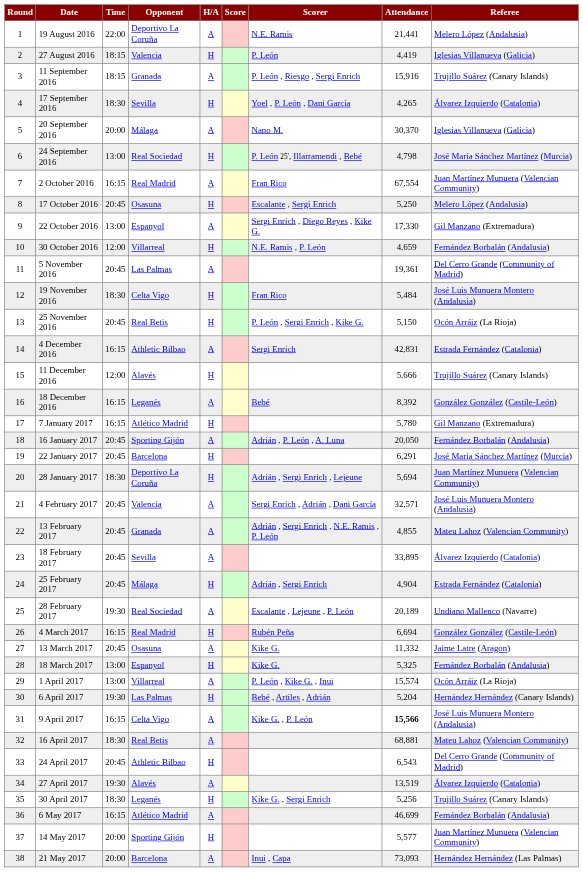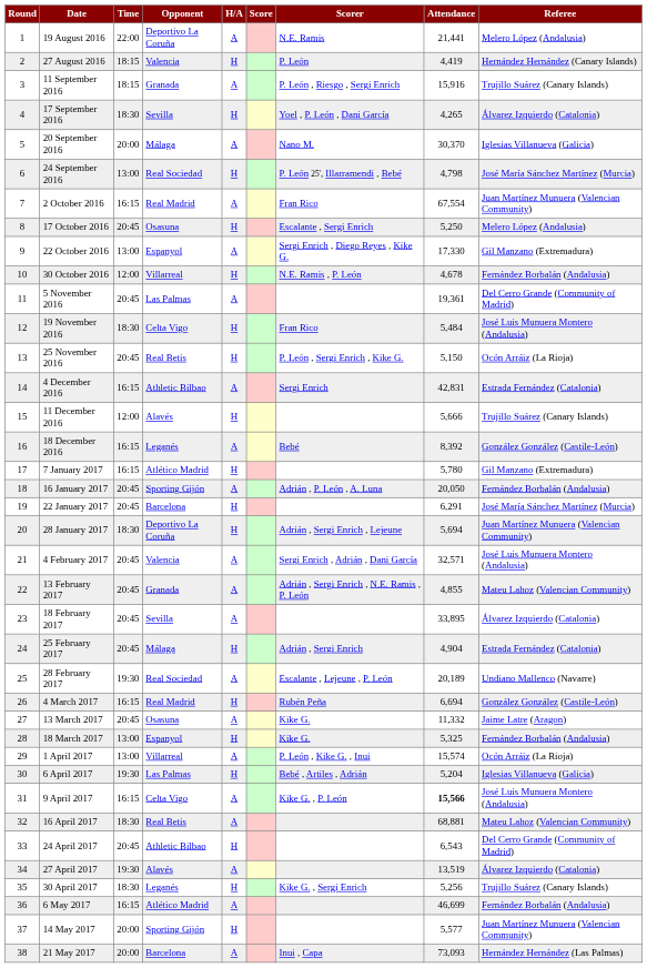 <table cellpadding="4" cellspacing="0" border="1" style="text-align: center; font-size: 85%; border: gray solid 1px; border-collapse: collapse;">
 <tr style="background:#8B0000; color:white;">
 <th>Round</th>
 <th>Date</th>
 <th>Time</th>
 <th>Opponent</th>
 <th>H/A</th>
 <th>Score</th>
 <th>Scorer</th>
 <th>Attendance</th>
 <th>Referee</th>
 </tr>
 <tr bgcolor=>
 <td>1</td>
 <td align="left">19 August 2016</td>
 <td>22:00</td>
 <td align="left"><a href='#'>Deportivo La Coruña</a></td>
 <td><a href='#'>A</a></td>
 <td bgcolor="#FFCCCC"></td>
 <td align="left"><a href='#'>N.E. Ramis</a> </td>
 <td>21,441</td>
 <td align="left"><a href='#'>Melero López</a> (<a href='#'>Andalusia</a>)</td>
 </tr>
 <tr bgcolor="#EFEFEF">
 <td>2</td>
 <td align="left">27 August 2016</td>
 <td>18:15</td>
 <td align="left"><a href='#'>Valencia</a></td>
 <td><a href='#'>H</a></td>
 <td bgcolor="#CCFFCC"></td>
 <td align="left"><a href='#'>P. León</a> </td>
 <td>4,419</td>
-<td align="left"><a href='#'>Iglesias Villanueva</a> (<a href='#'>Galicia</a>)</td>
+<td align="left"><a href='#'>Hernández Hernández</a> (Canary Islands)</td>
 </tr>
 <tr bgcolor=>
 <td>3</td>
 <td align="left">11 September 2016</td>
 <td>18:15</td>
 <td align="left"><a href='#'>Granada</a></td>
 <td><a href='#'>A</a></td>
 <td bgcolor="#CCFFCC"></td>
 <td align="left"><a href='#'>P. León</a> , <a href='#'>Riesgo</a> , <a href='#'>Sergi Enrich</a> </td>
 <td>15,916</td>
 <td align="left"><a href='#'>Trujillo Suárez</a> (Canary Islands)</td>
 </tr>
 <tr bgcolor="#EFEFEF">
 <td>4</td>
 <td align="left">17 September 2016</td>
 <td>18:30</td>
 <td align="left"><a href='#'>Sevilla</a></td>
 <td><a href='#'>H</a></td>
 <td bgcolor="#FFFFCC"></td>
 <td align="left"><a href='#'>Yoel</a> , <a href='#'>P. León</a> , <a href='#'>Dani García</a> </td>
 <td>4,265</td>
 <td align="left"><a href='#'>Álvarez Izquierdo</a> (<a href='#'>Catalonia</a>)</td>
 </tr>
 <tr bgcolor=>
 <td>5</td>
 <td align="left">20 September 2016</td>
 <td>20:00</td>
 <td align="left"><a href='#'>Málaga</a></td>
 <td><a href='#'>A</a></td>
 <td bgcolor="#FFCCCC"></td>
 <td align="left"><a href='#'>Nano M.</a> </td>
 <td>30,370</td>
 <td align="left"><a href='#'>Iglesias Villanueva</a> (<a href='#'>Galicia</a>)</td>
 </tr>
 <tr bgcolor="#EFEFEF">
 <td>6</td>
 <td align="left">24 September 2016</td>
 <td>13:00</td>
 <td align="left"><a href='#'>Real Sociedad</a></td>
 <td><a href='#'>H</a></td>
 <td bgcolor="#CCFFCC"></td>
 <td align="left"><a href='#'>P. León</a>  <small>25'</small>, <a href='#'>Illarramendi</a> , <a href='#'>Bebé</a> </td>
 <td>4,798</td>
 <td align="left"><a href='#'>José María Sánchez Martínez</a> (<a href='#'>Murcia</a>)</td>
 </tr>
 <tr bgcolor=>
 <td>7</td>
 <td align="left">2 October 2016</td>
 <td>16:15</td>
 <td align="left"><a href='#'>Real Madrid</a></td>
 <td><a href='#'>A</a></td>
 <td bgcolor="#FFFFCC"></td>
 <td align="left"><a href='#'>Fran Rico</a> </td>
 <td>67,554</td>
 <td align="left"><a href='#'>Juan Martínez Munuera</a> (<a href='#'>Valencian Community</a>)</td>
 </tr>
 <tr bgcolor="#EFEFEF">
 <td>8</td>
 <td align="left">17 October 2016</td>
 <td>20:45</td>
 <td align="left"><a href='#'>Osasuna</a></td>
 <td><a href='#'>H</a></td>
 <td bgcolor="#FFCCCC"></td>
 <td align="left"><a href='#'>Escalante</a> , <a href='#'>Sergi Enrich</a> </td>
 <td>5,250</td>
 <td align="left"><a href='#'>Melero López</a> (<a href='#'>Andalusia</a>)</td>
 </tr>
 <tr bgcolor=>
 <td>9</td>
 <td align="left">22 October 2016</td>
 <td>13:00</td>
 <td align="left"><a href='#'>Espanyol</a></td>
 <td><a href='#'>A</a></td>
 <td bgcolor="#FFFFCC"></td>
 <td align="left"><a href='#'>Sergi Enrich</a> , <a href='#'>Diego Reyes</a> , <a href='#'>Kike G.</a> </td>
 <td>17,330</td>
 <td align="left"><a href='#'>Gil Manzano</a> (Extremadura)</td>
 </tr>
 <tr bgcolor="#EFEFEF">
 <td>10</td>
 <td align="left">30 October 2016</td>
 <td>12:00</td>
 <td align="left"><a href='#'>Villarreal</a></td>
 <td><a href='#'>H</a></td>
 <td bgcolor="#CCFFCC"></td>
 <td align="left"><a href='#'>N.E. Ramis</a> , <a href='#'>P. León</a> </td>
-<td>4,659</td>
+<td>4,678</td>
 <td align="left"><a href='#'>Fernández Borbalán</a> (<a href='#'>Andalusia</a>)</td>
 </tr>
 <tr bgcolor=>
 <td>11</td>
 <td align="left">5 November 2016</td>
 <td>20:45</td>
 <td align="left"><a href='#'>Las Palmas</a></td>
 <td><a href='#'>A</a></td>
 <td bgcolor="#FFCCCC"></td>
 <td></td>
 <td>19,361</td>
 <td align="left"><a href='#'>Del Cerro Grande</a> (<a href='#'>Community of Madrid</a>)</td>
 </tr>
 <tr bgcolor="#EFEFEF">
 <td>12</td>
 <td align="left">19 November 2016</td>
 <td>18:30</td>
 <td align="left"><a href='#'>Celta Vigo</a></td>
 <td><a href='#'>H</a></td>
 <td bgcolor="#CCFFCC"></td>
 <td align="left"><a href='#'>Fran Rico</a> </td>
 <td>5,484</td>
 <td align="left"><a href='#'>José Luis Munuera Montero</a> (<a href='#'>Andalusia</a>)</td>
 </tr>
 <tr bgcolor=>
 <td>13</td>
 <td align="left">25 November 2016</td>
 <td>20:45</td>
 <td align="left"><a href='#'>Real Betis</a></td>
 <td><a href='#'>H</a></td>
 <td bgcolor="#CCFFCC"></td>
 <td align="left"><a href='#'>P. León</a> , <a href='#'>Sergi Enrich</a> , <a href='#'>Kike G.</a> </td>
 <td>5,150</td>
 <td align="left"><a href='#'>Ocón Arráiz</a> (La Rioja)</td>
 </tr>
 <tr bgcolor="#EFEFEF">
 <td>14</td>
 <td align="left">4 December 2016</td>
 <td>16:15</td>
 <td align="left"><a href='#'>Athletic Bilbao</a></td>
 <td><a href='#'>A</a></td>
 <td bgcolor="#FFCCCC"></td>
 <td align="left"><a href='#'>Sergi Enrich</a> </td>
 <td>42,831</td>
 <td align="left"><a href='#'>Estrada Fernández</a> (<a href='#'>Catalonia</a>)</td>
 </tr>
 <tr bgcolor=>
 <td>15</td>
 <td align="left">11 December 2016</td>
 <td>12:00</td>
 <td align="left"><a href='#'>Alavés</a></td>
 <td><a href='#'>H</a></td>
 <td bgcolor="#FFFFCC"></td>
 <td></td>
 <td>5,666</td>
 <td align="left"><a href='#'>Trujillo Suárez</a> (Canary Islands)</td>
 </tr>
 <tr bgcolor="#EFEFEF">
 <td>16</td>
 <td align="left">18 December 2016</td>
 <td>16:15</td>
 <td align="left"><a href='#'>Leganés</a></td>
 <td><a href='#'>A</a></td>
 <td bgcolor="#FFFFCC"></td>
 <td align="left"><a href='#'>Bebé</a> </td>
 <td>8,392</td>
 <td align="left"><a href='#'>González González</a> (<a href='#'>Castile-León</a>)</td>
 </tr>
 <tr bgcolor=>
 <td>17</td>
 <td align="left">7 January 2017</td>
 <td>16:15</td>
 <td align="left"><a href='#'>Atlético Madrid</a></td>
 <td><a href='#'>H</a></td>
 <td bgcolor="#FFCCCC"></td>
 <td></td>
 <td>5,780</td>
 <td align="left"><a href='#'>Gil Manzano</a> (Extremadura)</td>
 </tr>
 <tr bgcolor="#EFEFEF">
 <td>18</td>
 <td align="left">16 January 2017</td>
 <td>20:45</td>
 <td align="left"><a href='#'>Sporting Gijón</a></td>
 <td><a href='#'>A</a></td>
 <td bgcolor="#CCFFCC"></td>
 <td align="left"><a href='#'>Adrián</a> , <a href='#'>P. León</a> , <a href='#'>A. Luna</a> </td>
 <td>20,050</td>
 <td align="left"><a href='#'>Fernández Borbalán</a> (<a href='#'>Andalusia</a>)</td>
 </tr>
 <tr bgcolor=>
 <td>19</td>
 <td align="left">22 January 2017</td>
 <td>20:45</td>
 <td align="left"><a href='#'>Barcelona</a></td>
 <td><a href='#'>H</a></td>
 <td bgcolor="#FFCCCC"></td>
 <td></td>
 <td>6,291</td>
 <td align="left"><a href='#'>José María Sánchez Martínez</a> (<a href='#'>Murcia</a>)</td>
 </tr>
 <tr bgcolor="#EFEFEF">
 <td>20</td>
 <td align="left">28 January 2017</td>
 <td>18:30</td>
 <td align="left"><a href='#'>Deportivo La Coruña</a></td>
 <td><a href='#'>H</a></td>
 <td bgcolor="#CCFFCC"></td>
 <td align="left"><a href='#'>Adrián</a> , <a href='#'>Sergi Enrich</a> , <a href='#'>Lejeune</a> </td>
 <td>5,694</td>
 <td align="left"><a href='#'>Juan Martínez Munuera</a> (<a href='#'>Valencian Community</a>)</td>
 </tr>
 <tr bgcolor=>
 <td>21</td>
 <td align="left">4 February 2017</td>
 <td>20:45</td>
 <td align="left"><a href='#'>Valencia</a></td>
 <td><a href='#'>A</a></td>
 <td bgcolor="#CCFFCC"></td>
 <td align="left"><a href='#'>Sergi Enrich</a> , <a href='#'>Adrián</a> , <a href='#'>Dani García</a> </td>
 <td>32,571</td>
 <td align="left"><a href='#'>José Luis Munuera Montero</a> (<a href='#'>Andalusia</a>)</td>
 </tr>
 <tr bgcolor="#EFEFEF">
 <td>22</td>
 <td align="left">13 February 2017</td>
 <td>20:45</td>
 <td align="left"><a href='#'>Granada</a></td>
 <td><a href='#'>A</a></td>
 <td bgcolor="#CCFFCC"></td>
 <td align="left"><a href='#'>Adrián</a> , <a href='#'>Sergi Enrich</a> , <a href='#'>N.E. Ramis</a> , <a href='#'>P. León</a> </td>
 <td>4,855</td>
 <td align="left"><a href='#'>Mateu Lahoz</a> (<a href='#'>Valencian Community</a>)</td>
 </tr>
 <tr bgcolor=>
 <td>23</td>
 <td align="left">18 February 2017</td>
 <td>20:45</td>
 <td align="left"><a href='#'>Sevilla</a></td>
 <td><a href='#'>A</a></td>
 <td bgcolor="#FFCCCC"></td>
 <td></td>
 <td>33,895</td>
 <td align="left"><a href='#'>Álvarez Izquierdo</a> (<a href='#'>Catalonia</a>)</td>
 </tr>
 <tr bgcolor="#EFEFEF">
 <td>24</td>
 <td align="left">25 February 2017</td>
 <td>20:45</td>
 <td align="left"><a href='#'>Málaga</a></td>
 <td><a href='#'>H</a></td>
 <td bgcolor="#CCFFCC"></td>
 <td align="left"><a href='#'>Adrián</a> , <a href='#'>Sergi Enrich</a> </td>
 <td>4,904</td>
 <td align="left"><a href='#'>Estrada Fernández</a> (<a href='#'>Catalonia</a>)</td>
 </tr>
 <tr bgcolor=>
 <td>25</td>
 <td align="left">28 February 2017</td>
 <td>19:30</td>
 <td align="left"><a href='#'>Real Sociedad</a></td>
 <td><a href='#'>A</a></td>
 <td bgcolor="#FFFFCC"></td>
 <td align="left"><a href='#'>Escalante</a> , <a href='#'>Lejeune</a> , <a href='#'>P. León</a> </td>
 <td>20,189</td>
 <td align="left"><a href='#'>Undiano Mallenco</a> (Navarre)</td>
 </tr>
 <tr bgcolor="#EFEFEF">
 <td>26</td>
 <td align="left">4 March 2017</td>
 <td>16:15</td>
 <td align="left"><a href='#'>Real Madrid</a></td>
 <td><a href='#'>H</a></td>
 <td bgcolor="#FFCCCC"></td>
 <td align="left"><a href='#'>Rubén Peña</a> </td>
 <td>6,694</td>
 <td align="left"><a href='#'>González González</a> (<a href='#'>Castile-León</a>)</td>
 </tr>
 <tr bgcolor=>
 <td>27</td>
 <td align="left">13 March 2017</td>
 <td>20:45</td>
 <td align="left"><a href='#'>Osasuna</a></td>
 <td><a href='#'>A</a></td>
 <td bgcolor="#FFFFCC"></td>
 <td align="left"><a href='#'>Kike G.</a> </td>
 <td>11,332</td>
 <td align="left"><a href='#'>Jaime Latre</a> (<a href='#'>Aragon</a>)</td>
 </tr>
 <tr bgcolor="#EFEFEF">
 <td>28</td>
 <td align="left">18 March 2017</td>
 <td>13:00</td>
 <td align="left"><a href='#'>Espanyol</a></td>
 <td><a href='#'>H</a></td>
 <td bgcolor="#FFFFCC"></td>
 <td align="left"><a href='#'>Kike G.</a> </td>
 <td>5,325</td>
 <td align="left"><a href='#'>Fernández Borbalán</a> (<a href='#'>Andalusia</a>)</td>
 </tr>
 <tr bgcolor=>
 <td>29</td>
 <td align="left">1 April 2017</td>
 <td>13:00</td>
 <td align="left"><a href='#'>Villarreal</a></td>
 <td><a href='#'>A</a></td>
 <td bgcolor="#CCFFCC"></td>
 <td align="left"><a href='#'>P. León</a> , <a href='#'>Kike G.</a> , <a href='#'>Inui</a> </td>
 <td>15,574</td>
 <td align="left"><a href='#'>Ocón Arráiz</a> (La Rioja)</td>
 </tr>
 <tr bgcolor="#EFEFEF">
 <td>30</td>
 <td align="left">6 April 2017</td>
 <td>19:30</td>
 <td align="left"><a href='#'>Las Palmas</a></td>
 <td><a href='#'>H</a></td>
 <td bgcolor="#CCFFCC"></td>
 <td align="left"><a href='#'>Bebé</a> , <a href='#'>Artiles</a> , <a href='#'>Adrián</a> </td>
 <td>5,204</td>
-<td align="left"><a href='#'>Hernández Hernández</a> (Canary Islands)</td>
+<td align="left"><a href='#'>Iglesias Villanueva</a> (<a href='#'>Galicia</a>)</td>
 </tr>
 <tr bgcolor=>
 <td>31</td>
 <td align="left">9 April 2017</td>
 <td>16:15</td>
 <td align="left"><a href='#'>Celta Vigo</a></td>
 <td><a href='#'>A</a></td>
 <td bgcolor="#CCFFCC"></td>
 <td align="left"><a href='#'>Kike G.</a> , <a href='#'>P. León</a> </td>
 <td><strong>15,566</strong></td>
 <td align="left"><a href='#'>José Luis Munuera Montero</a> (<a href='#'>Andalusia</a>)</td>
 </tr>
 <tr bgcolor="#EFEFEF">
 <td>32</td>
 <td align="left">16 April 2017</td>
 <td>18:30</td>
 <td align="left"><a href='#'>Real Betis</a></td>
 <td><a href='#'>A</a></td>
 <td bgcolor="#FFCCCC"></td>
 <td></td>
 <td>68,881</td>
 <td align="left"><a href='#'>Mateu Lahoz</a> (<a href='#'>Valencian Community</a>)</td>
 </tr>
 <tr bgcolor=>
 <td>33</td>
 <td align="left">24 April 2017</td>
 <td>20:45</td>
 <td align="left"><a href='#'>Athletic Bilbao</a></td>
 <td><a href='#'>H</a></td>
 <td bgcolor="#FFCCCC"></td>
 <td></td>
 <td>6,543</td>
 <td align="left"><a href='#'>Del Cerro Grande</a> (<a href='#'>Community of Madrid</a>)</td>
 </tr>
 <tr bgcolor="#EFEFEF">
 <td>34</td>
 <td align="left">27 April 2017</td>
 <td>19:30</td>
 <td align="left"><a href='#'>Alavés</a></td>
 <td><a href='#'>A</a></td>
 <td bgcolor="#FFFFCC"></td>
 <td></td>
 <td>13,519</td>
 <td align="left"><a href='#'>Álvarez Izquierdo</a> (<a href='#'>Catalonia</a>)</td>
 </tr>
 <tr bgcolor=>
 <td>35</td>
 <td align="left">30 April 2017</td>
 <td>18:30</td>
 <td align="left"><a href='#'>Leganés</a></td>
 <td><a href='#'>H</a></td>
 <td bgcolor="#CCFFCC"></td>
 <td align="left"><a href='#'>Kike G.</a> , <a href='#'>Sergi Enrich</a> </td>
 <td>5,256</td>
 <td align="left"><a href='#'>Trujillo Suárez</a> (Canary Islands)</td>
 </tr>
 <tr bgcolor="#EFEFEF">
 <td>36</td>
 <td align="left">6 May 2017</td>
 <td>16:15</td>
 <td align="left"><a href='#'>Atlético Madrid</a></td>
 <td><a href='#'>A</a></td>
 <td bgcolor="#FFCCCC"></td>
 <td></td>
 <td>46,699</td>
 <td align="left"><a href='#'>Fernández Borbalán</a> (<a href='#'>Andalusia</a>)</td>
 </tr>
 <tr bgcolor=>
 <td>37</td>
 <td align="left">14 May 2017</td>
 <td>20:00</td>
 <td align="left"><a href='#'>Sporting Gijón</a></td>
 <td><a href='#'>H</a></td>
 <td bgcolor="#FFCCCC"></td>
 <td></td>
 <td>5,577</td>
 <td align="left"><a href='#'>Juan Martínez Munuera</a> (<a href='#'>Valencian Community</a>)</td>
 </tr>
 <tr bgcolor="#EFEFEF">
 <td>38</td>
 <td align="left">21 May 2017</td>
 <td>20:00</td>
 <td align="left"><a href='#'>Barcelona</a></td>
 <td><a href='#'>A</a></td>
 <td bgcolor="#FFCCCC"></td>
 <td align="left"><a href='#'>Inui</a> , <a href='#'>Capa</a> </td>
 <td>73,093</td>
 <td align="left"><a href='#'>Hernández Hernández</a> (Las Palmas)</td>
 </tr>
 </table>
